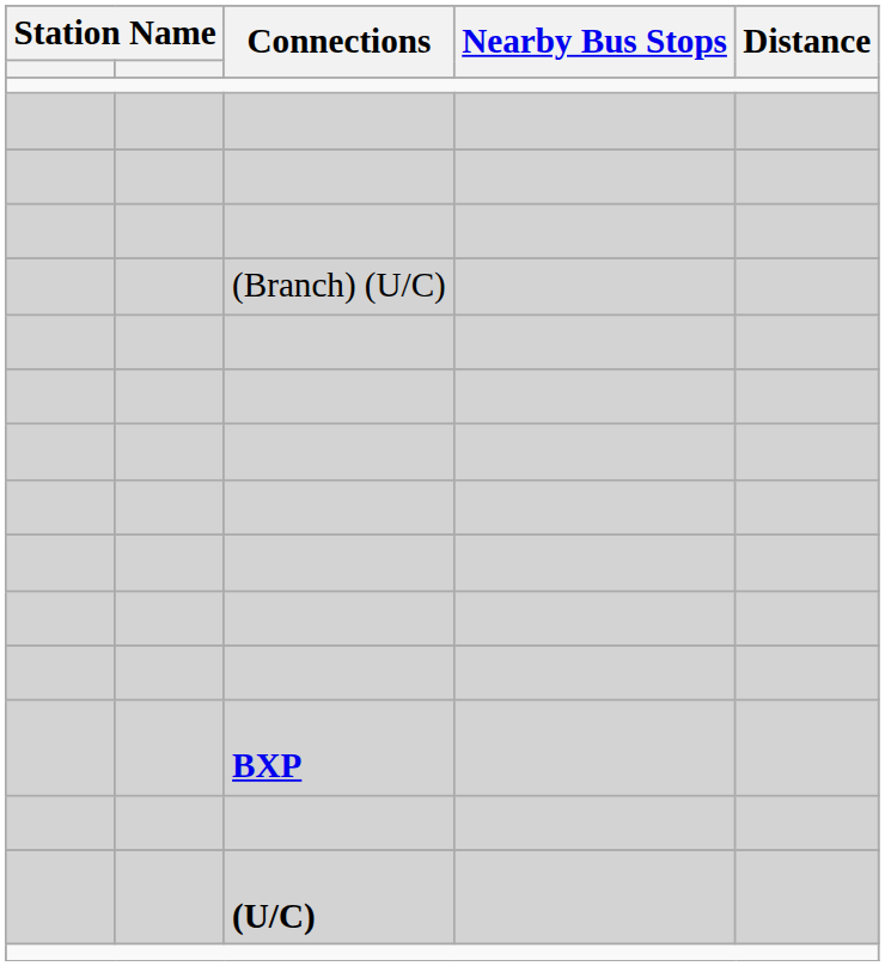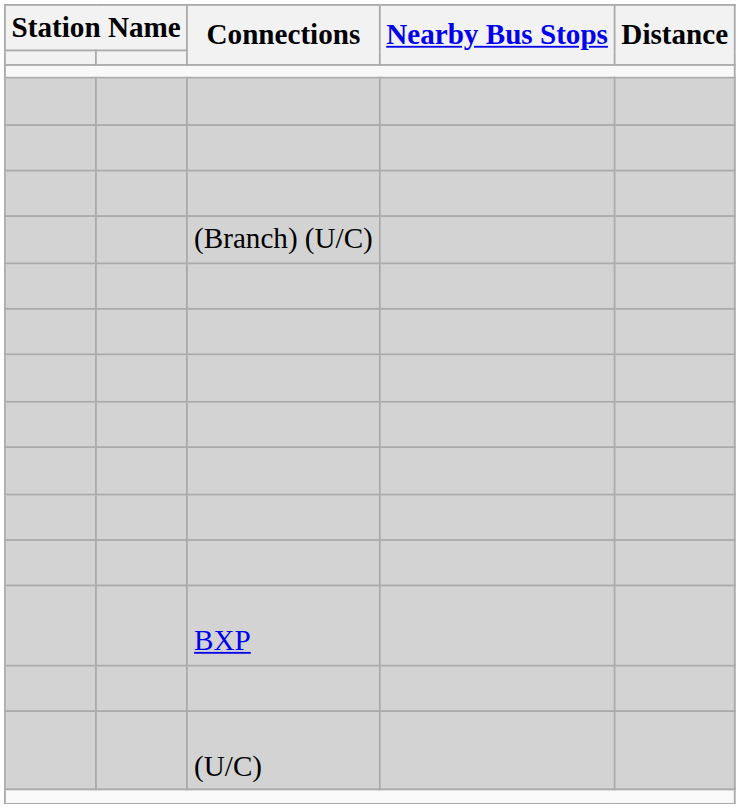 <table class=wikitable>
 <tr>
 <th colspan=2>Station Name</th>
 <th rowspan=2>Connections</th>
 <th rowspan="2"><a href='#'>Nearby Bus Stops</a></th>
 <th colspan=2 rowspan=2>Distance<br></th>
 </tr>
 <tr>
 <th></th>
 <th></th>
 </tr>
 <tr style=background:#>
 <td colspan=7></td>
 </tr>
 <tr bgcolor=lightgrey>
 <td></td>
 <td></td>
 <td></td>
 <td> </td>
 <td> </td>
 </tr>
 <tr bgcolor=lightgrey>
 <td></td>
 <td></td>
 <td></td>
 <td> </td>
 <td> </td>
 </tr>
 <tr bgcolor=lightgrey>
 <td></td>
 <td></td>
 <td></td>
 <td> </td>
 <td> </td>
 </tr>
 <tr bgcolor=lightgrey>
 <td></td>
 <td></td>
 <td> (Branch) (U/C)</td>
 <td> </td>
 <td> </td>
 </tr>
 <tr bgcolor=lightgrey>
 <td></td>
 <td></td>
 <td></td>
 <td> </td>
 <td> </td>
 </tr>
 <tr bgcolor=lightgrey>
 <td></td>
 <td></td>
 <td></td>
 <td> </td>
 <td> </td>
 </tr>
 <tr bgcolor=lightgrey>
 <td></td>
 <td></td>
 <td></td>
 <td> </td>
 <td> </td>
 </tr>
 <tr bgcolor=lightgrey>
 <td></td>
 <td></td>
 <td></td>
 <td> </td>
 <td> </td>
 </tr>
 <tr bgcolor=lightgrey>
 <td></td>
 <td></td>
 <td></td>
 <td> </td>
 <td> </td>
 </tr>
 <tr bgcolor=lightgrey>
 <td></td>
 <td></td>
 <td></td>
 <td> </td>
 <td> </td>
 </tr>
 <tr bgcolor=lightgrey>
 <td></td>
 <td></td>
 <td></td>
 <td> </td>
 <td> </td>
 </tr>
 <tr bgcolor=lightgrey>
 <td></td>
 <td></td>
-<td><strong> <br>  <a href='#'>BXP</a></strong></td>
+<td> <br>  <a href='#'>BXP</a></td>
 <td> </td>
 <td> </td>
 </tr>
 <tr bgcolor=lightgrey>
 <td></td>
 <td></td>
 <td></td>
 <td> </td>
 <td> </td>
 </tr>
 <tr bgcolor=lightgrey>
 <td></td>
 <td></td>
-<td><strong>  <br> (U/C)<br></strong></td>
+<td>  <br> (U/C)<br></td>
 <td> </td>
 <td> <br></td>
 </tr>
 <tr style=background:#>
 <td colspan=7></td>
 </tr>
 </table>
